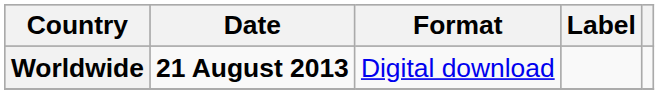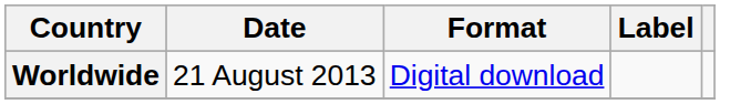 <table class="wikitable sortable plainrowheaders">
 <tr>
 <th scope="col">Country</th>
 <th scope="col">Date</th>
 <th scope="col">Format</th>
 <th scope="col">Label</th>
 <th scope="col"></th>
 </tr>
 <tr>
 <th scope="row">Worldwide</th>
-<td><strong>21 August 2013</strong></td>
+<td>21 August 2013</td>
 <td><a href='#'>Digital download</a></td>
 <td rowspan="1"></td>
 <td></td>
 </tr>
 <tr>
 </tr>
 </table>
